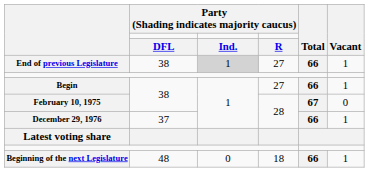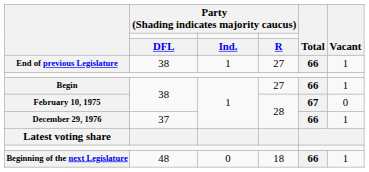 <table class=wikitable style="text-align:center">
 <tr style="vertical-align:bottom;">
 <th rowspan=3></th>
 <th colspan=3>Party <div>(Shading indicates majority caucus)</div></th>
 <th rowspan=3>Total</th>
 <th rowspan=3>Vacant</th>
 </tr>
 <tr style="height:5px">
 <td style="background-color:"></td>
 <td style="background-color:"></td>
 <td style="background-color:"></td>
 </tr>
 <tr>
 <th><a href='#'>DFL</a></th>
 <th><a href='#'>Ind.</a></th>
 <th><a href='#'>R</a></th>
 </tr>
 <tr>
 <th style="white-space:nowrap; font-size:80%;">End of <a href='#'>previous Legislature</a></th>
 <td>38</td>
-<td style="background: lightgrey;">1</td>
+<td>1</td>
 <td>27</td>
 <th>66</th>
 <td>1</td>
 </tr>
 <tr>
 <td colspan=5></td>
 </tr>
 <tr>
 <th style="font-size:80%">Begin</th>
 <td rowspan=2 >38</td>
 <td rowspan=3>1</td>
 <td>27</td>
 <th>66</th>
 <td>1</td>
 </tr>
 <tr>
 <th style="font-size:80%">February 10, 1975 </th>
 <td rowspan=2>28</td>
 <th>67</th>
 <td>0</td>
 </tr>
 <tr>
 <th style="font-size:80%">December 29, 1976 </th>
 <td>37</td>
 <th>66</th>
 <td>1</td>
 </tr>
 <tr>
 <th>Latest voting share</th>
 <th></th>
 <th></th>
 <th></th>
 <th colspan=2></th>
 </tr>
 <tr>
 <td colspan=4></td>
 </tr>
 <tr>
 <th style="white-space:nowrap; font-size:80%;">Beginning of the <a href='#'>next Legislature</a></th>
 <td>48</td>
 <td>0</td>
 <td>18</td>
 <th>66</th>
 <td>1</td>
 </tr>
 </table>
